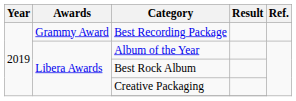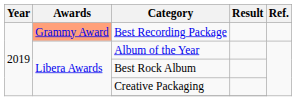 <table class=wikitable>
 <tr>
 <th>Year</th>
 <th>Awards</th>
 <th>Category</th>
 <th>Result</th>
 <th>Ref.</th>
 </tr>
 <tr>
 <td rowspan="5">2019</td>
-<td><a href='#'>Grammy Award</a></td>
+<td style="background: lightsalmon;"><a href='#'>Grammy Award</a></td>
 <td><a href='#'>Best Recording Package</a></td>
 <td></td>
 <td></td>
 </tr>
 <tr>
 <td rowspan="4"><a href='#'>Libera Awards</a></td>
 <td><a href='#'>Album of the Year</a></td>
 <td></td>
 <td rowspan="4"></td>
 </tr>
 <tr>
 <td>Best Rock Album</td>
 <td></td>
 </tr>
 <tr>
 <td>Creative Packaging</td>
 <td></td>
 </tr>
 <tr>
 </tr>
 </table>
